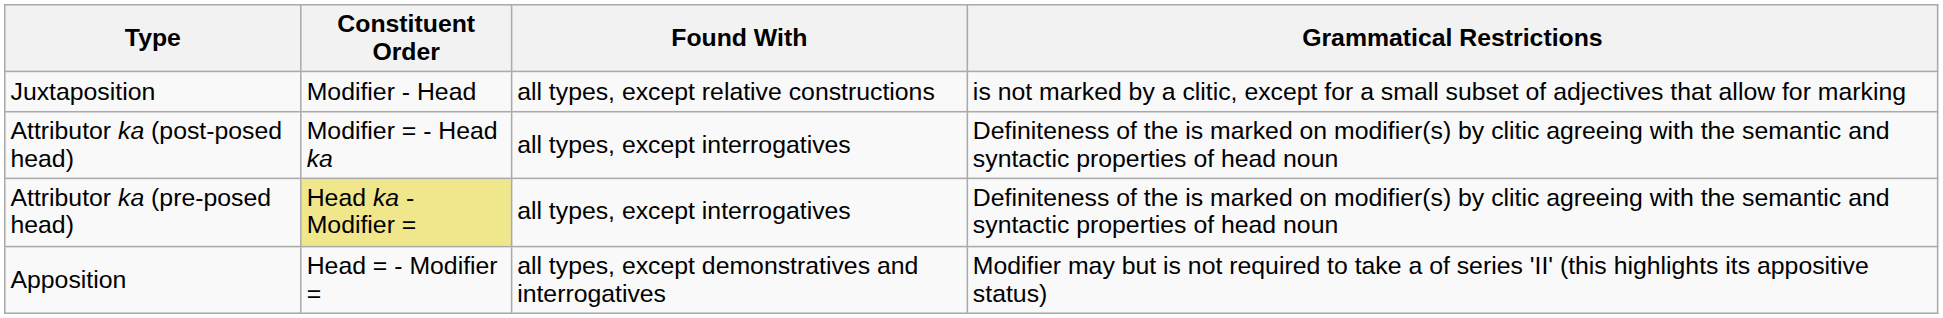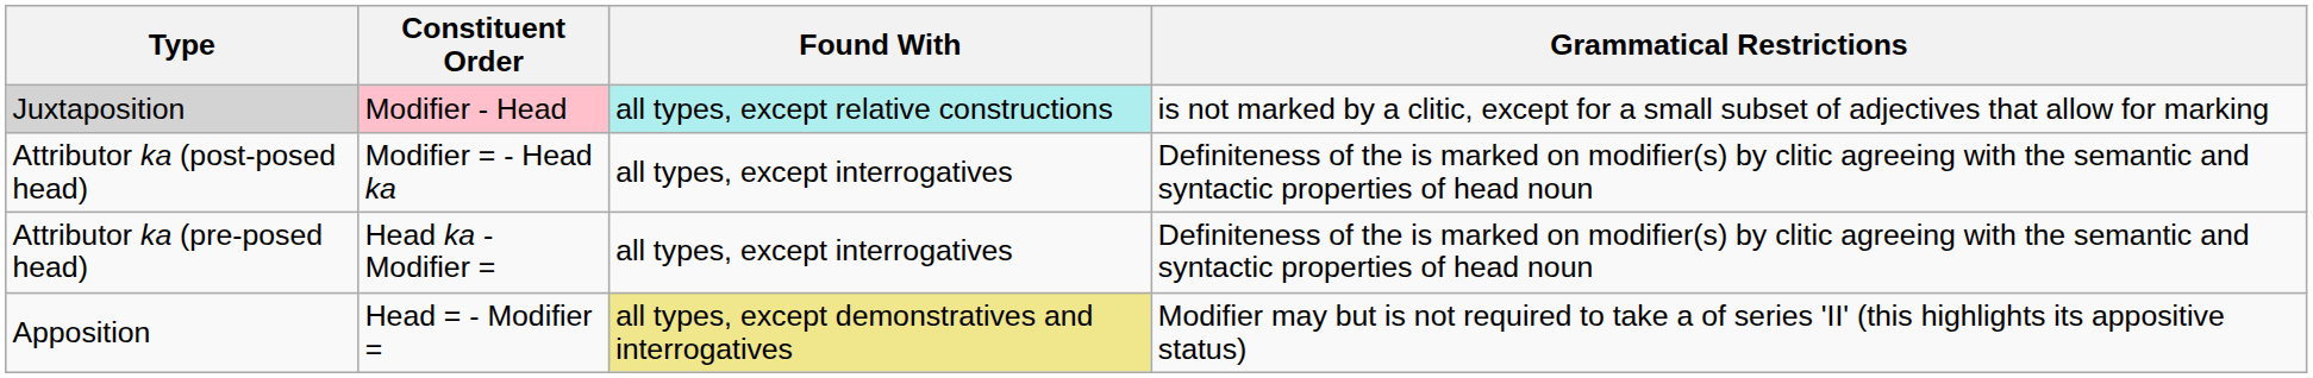 <table class="wikitable">
 <tr>
 <th>Type</th>
 <th>Constituent Order</th>
 <th>Found With</th>
 <th>Grammatical Restrictions</th>
 </tr>
 <tr>
-<td>Juxtaposition</td>
-<td>Modifier - Head</td>
-<td>all types, except relative constructions</td>
+<td style="background: lightgrey;">Juxtaposition</td>
+<td style="background: pink;">Modifier - Head</td>
+<td style="background: paleturquoise;">all types, except relative constructions</td>
 <td> is not marked by a  clitic, except for a small subset of adjectives that allow for  marking</td>
 </tr>
 <tr>
 <td>Attributor <em>ka</em> (post-posed head)</td>
 <td>Modifier =  - Head <em>ka</em></td>
 <td>all types, except interrogatives</td>
 <td>Definiteness of the  is marked on modifier(s) by  clitic agreeing with the semantic and syntactic properties of head noun</td>
 </tr>
 <tr>
 <td>Attributor <em>ka</em> (pre-posed head)</td>
-<td style="background: khaki;">Head <em>ka</em> - Modifier = </td>
+<td>Head <em>ka</em> - Modifier = </td>
 <td>all types, except interrogatives</td>
 <td>Definiteness of the  is marked on modifier(s) by  clitic agreeing with the semantic and syntactic properties of head noun</td>
 </tr>
 <tr>
 <td>Apposition</td>
 <td>Head =  - Modifier = </td>
-<td>all types, except demonstratives and interrogatives</td>
+<td style="background: khaki;">all types, except demonstratives and interrogatives</td>
 <td>Modifier may but is not required to take a  of series 'II' (this highlights its appositive status)</td>
 </tr>
 </table>
